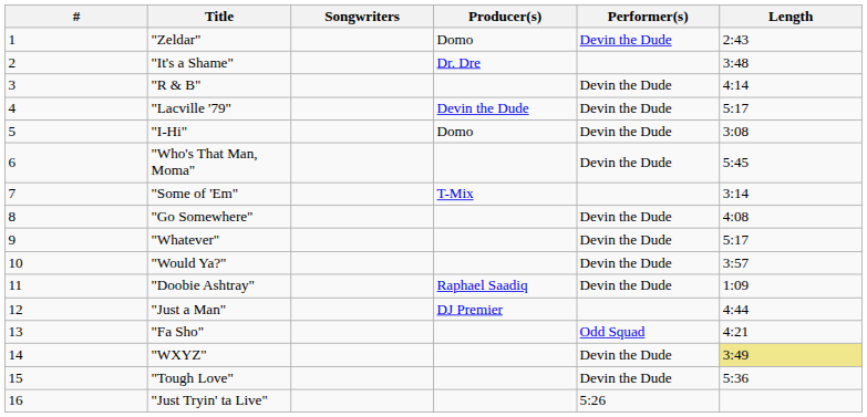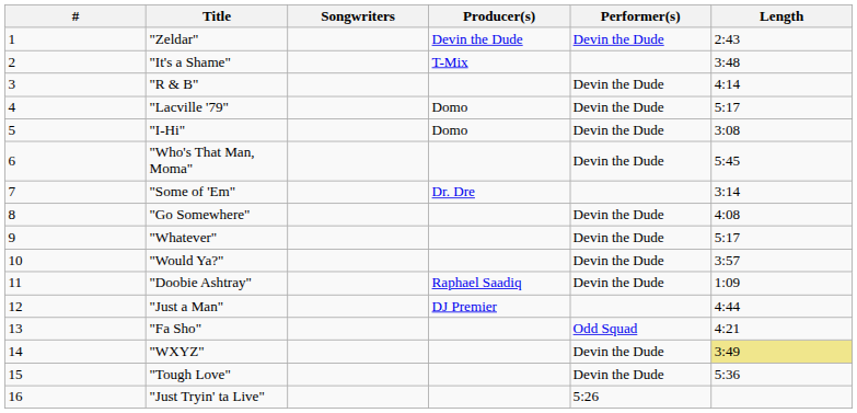 <table class="wikitable sortable">
 <tr>
 <th align="center" width="150">#</th>
 <th align="center" width="150">Title</th>
 <th align="center" width="150">Songwriters</th>
 <th align="center" width="150">Producer(s)</th>
 <th align="center" width="150">Performer(s)</th>
 <th align="center" width="150">Length</th>
 </tr>
 <tr>
 <td>1</td>
 <td>"Zeldar"</td>
 <td></td>
-<td>Domo</td>
+<td><a href='#'>Devin the Dude</a></td>
 <td><a href='#'>Devin the Dude</a></td>
 <td>2:43</td>
 </tr>
 <tr>
 <td>2</td>
 <td>"It's a Shame"</td>
 <td></td>
-<td><a href='#'>Dr. Dre</a></td>
+<td><a href='#'>T-Mix</a></td>
 <td></td>
 <td>3:48</td>
 </tr>
 <tr>
 <td>3</td>
 <td>"R & B"</td>
 <td></td>
 <td></td>
 <td>Devin the Dude</td>
 <td>4:14</td>
 </tr>
 <tr>
 <td>4</td>
 <td>"Lacville '79"</td>
 <td></td>
-<td><a href='#'>Devin the Dude</a></td>
+<td>Domo</td>
 <td>Devin the Dude</td>
 <td>5:17</td>
 </tr>
 <tr>
 <td>5</td>
 <td>"I-Hi"</td>
 <td></td>
 <td>Domo</td>
 <td>Devin the Dude</td>
 <td>3:08</td>
 </tr>
 <tr>
 <td>6</td>
 <td>"Who's That Man, Moma"</td>
 <td></td>
 <td></td>
 <td>Devin the Dude</td>
 <td>5:45</td>
 </tr>
 <tr>
 <td>7</td>
 <td>"Some of 'Em"</td>
 <td></td>
-<td><a href='#'>T-Mix</a></td>
+<td><a href='#'>Dr. Dre</a></td>
 <td></td>
 <td>3:14</td>
 </tr>
 <tr>
 <td>8</td>
 <td>"Go Somewhere"</td>
 <td></td>
 <td></td>
 <td>Devin the Dude</td>
 <td>4:08</td>
 </tr>
 <tr>
 <td>9</td>
 <td>"Whatever"</td>
 <td></td>
 <td></td>
 <td>Devin the Dude</td>
 <td>5:17</td>
 </tr>
 <tr>
 <td>10</td>
 <td>"Would Ya?"</td>
 <td></td>
 <td></td>
 <td>Devin the Dude</td>
 <td>3:57</td>
 </tr>
 <tr>
 <td>11</td>
 <td>"Doobie Ashtray"</td>
 <td></td>
 <td><a href='#'>Raphael Saadiq</a></td>
 <td>Devin the Dude</td>
 <td>1:09</td>
 </tr>
 <tr>
 <td>12</td>
 <td>"Just a Man"</td>
 <td></td>
 <td><a href='#'>DJ Premier</a></td>
 <td></td>
 <td>4:44</td>
 </tr>
 <tr>
 <td>13</td>
 <td>"Fa Sho"</td>
 <td></td>
 <td></td>
 <td><a href='#'>Odd Squad</a></td>
 <td>4:21</td>
 </tr>
 <tr>
 <td>14</td>
 <td>"WXYZ"</td>
 <td></td>
 <td></td>
 <td>Devin the Dude</td>
 <td style="background: khaki;">3:49</td>
 </tr>
 <tr>
 <td>15</td>
 <td>"Tough Love"</td>
 <td></td>
 <td></td>
 <td>Devin the Dude</td>
 <td>5:36</td>
 </tr>
 <tr>
 <td>16</td>
 <td>"Just Tryin' ta Live"</td>
 <td></td>
 <td></td>
 <td>5:26</td>
 </tr>
 </table>
